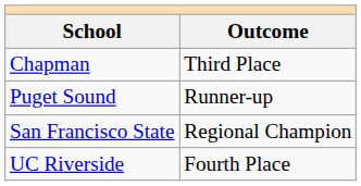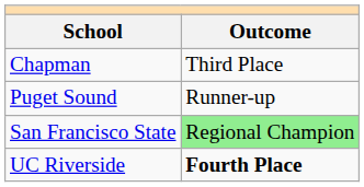 <table class="wikitable" style="float:left; margin-right:1em;">
 <tr>
 <th colspan="3" style="background:#ffdead;"></th>
 </tr>
 <tr>
 <th>School</th>
 <th>Outcome</th>
 </tr>
 <tr>
 <td><a href='#'>Chapman</a></td>
 <td>Third Place</td>
 </tr>
 <tr>
 <td><a href='#'>Puget Sound</a></td>
 <td>Runner-up</td>
 </tr>
 <tr>
 <td><a href='#'>San Francisco State</a></td>
-<td>Regional Champion</td>
+<td style="background: lightgreen;">Regional Champion</td>
 </tr>
 <tr>
 <td><a href='#'>UC Riverside</a></td>
-<td>Fourth Place</td>
+<td><strong>Fourth Place</strong></td>
 </tr>
 </table>
